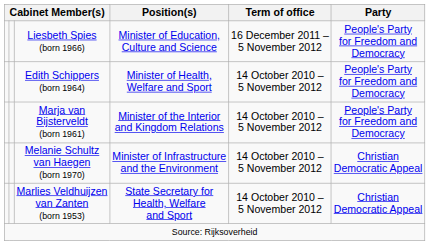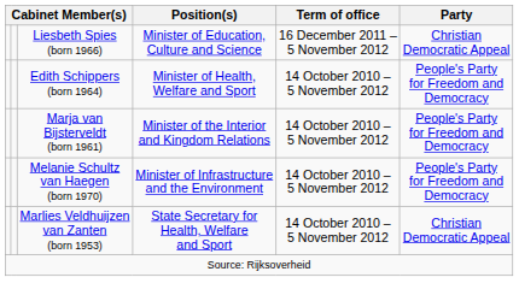 <table class="wikitable" style="text-align:center">
 <tr>
 <th colspan=3>Cabinet Member(s)</th>
 <th>Position(s)</th>
 <th>Term of office</th>
 <th>Party</th>
 </tr>
 <tr>
 <td style="background:"></td>
 <td></td>
 <td><a href='#'>Liesbeth Spies</a> <br> <small>(born 1966)</small></td>
 <td><a href='#'>Minister of Education, <br> Culture and Science</a></td>
 <td>16 December 2011 – <br> 5 November 2012</td>
-<td><a href='#'>People's Party <br> for Freedom and <br> Democracy</a></td>
+<td><a href='#'>Christian <br> Democratic Appeal</a></td>
 </tr>
 <tr>
 <td style="background:"></td>
 <td></td>
 <td><a href='#'>Edith Schippers</a> <br> <small>(born 1964)</small></td>
 <td><a href='#'>Minister of Health, <br> Welfare and Sport</a></td>
 <td>14 October 2010 – <br> 5 November 2012</td>
 <td><a href='#'>People's Party <br> for Freedom and <br> Democracy</a></td>
 </tr>
 <tr>
 <td style="background:"></td>
 <td></td>
 <td><a href='#'>Marja van <br> Bijsterveldt</a> <br> <small>(born 1961)</small></td>
 <td><a href='#'>Minister of the Interior <br> and Kingdom Relations</a></td>
 <td>14 October 2010 – <br> 5 November 2012</td>
 <td><a href='#'>People's Party <br> for Freedom and <br> Democracy</a></td>
 </tr>
 <tr>
 <td style="background:"></td>
 <td></td>
 <td><a href='#'>Melanie Schultz <br> van Haegen</a> <br> <small>(born 1970)</small></td>
 <td><a href='#'>Minister of Infrastructure <br> and the Environment</a></td>
 <td>14 October 2010 – <br> 5 November 2012</td>
-<td><a href='#'>Christian <br> Democratic Appeal</a></td>
+<td><a href='#'>People's Party <br> for Freedom and <br> Democracy</a></td>
 </tr>
 <tr>
 <td style="background:"></td>
 <td></td>
 <td><a href='#'>Marlies Veldhuijzen <br> van Zanten</a> <br> <small>(born 1953)</small></td>
 <td><a href='#'>State Secretary for <br> Health, Welfare <br> and Sport</a></td>
 <td>14 October 2010 – <br> 5 November 2012</td>
 <td><a href='#'>Christian <br> Democratic Appeal</a></td>
 </tr>
 <tr>
 <td colspan=9><small>Source:   Rijksoverheid</small></td>
 </tr>
 </table>
